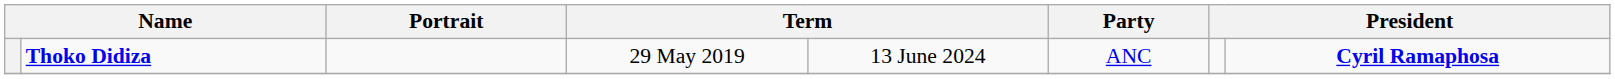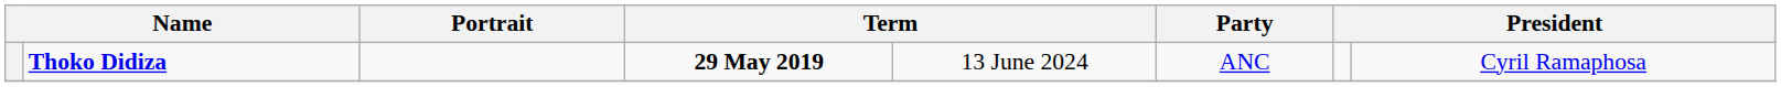 <table class="wikitable" width=60%>
 <tr>
 <th colspan=2 width=20%>Name</th>
 <th width=75>Portrait</th>
 <th colspan=2 width=30%>Term</th>
 <th width=10%>Party</th>
 <th colspan=2 width=25%>President</th>
 </tr>
 <tr style="text-align:center">
 <th style="width:1%;background-color: "></th>
 <td align=left><strong><a href='#'>Thoko Didiza</a></strong></td>
 <td></td>
-<td>29 May 2019</td>
+<td><strong>29 May 2019</strong></td>
 <td>13 June 2024</td>
 <td><a href='#'>ANC</a></td>
 <td style="width:1%;background-color: "></td>
-<td><strong><a href='#'>Cyril Ramaphosa</a></strong></td>
+<td><a href='#'>Cyril Ramaphosa</a></td>
 </tr>
 <tr>
 </tr>
 </table>
